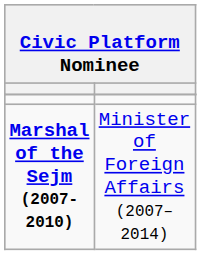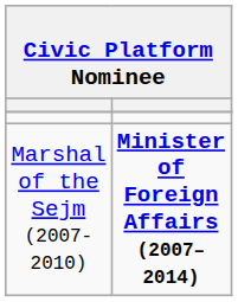 <table class="wikitable" style="font-size:90%; text-align:center;">
 <tr>
 <td colspan="28" style="background:#f1f1f1;"><br><strong><a href='#'>Civic Platform</a> Nominee</strong></td>
 </tr>
 <tr>
 <th style="width:3em; font-size:135%; background:"></th>
 <th style="width:3em; font-size:135%; background:"></th>
 </tr>
 <tr style="color:#000; font-size:100%; background:#FCA241 ;">
 </tr>
 <tr>
 <td></td>
 <td></td>
 </tr>
 <tr>
-<td><strong><a href='#'>Marshal of the Sejm</a><br><small>(2007-2010)</small></strong></td>
-<td><a href='#'>Minister of Foreign Affairs</a><br><small>(2007–2014)</small></td>
+<td><a href='#'>Marshal of the Sejm</a><br><small>(2007-2010)</small></td>
+<td><strong><a href='#'>Minister of Foreign Affairs</a><br><small>(2007–2014)</small></strong></td>
 </tr>
 </table>
